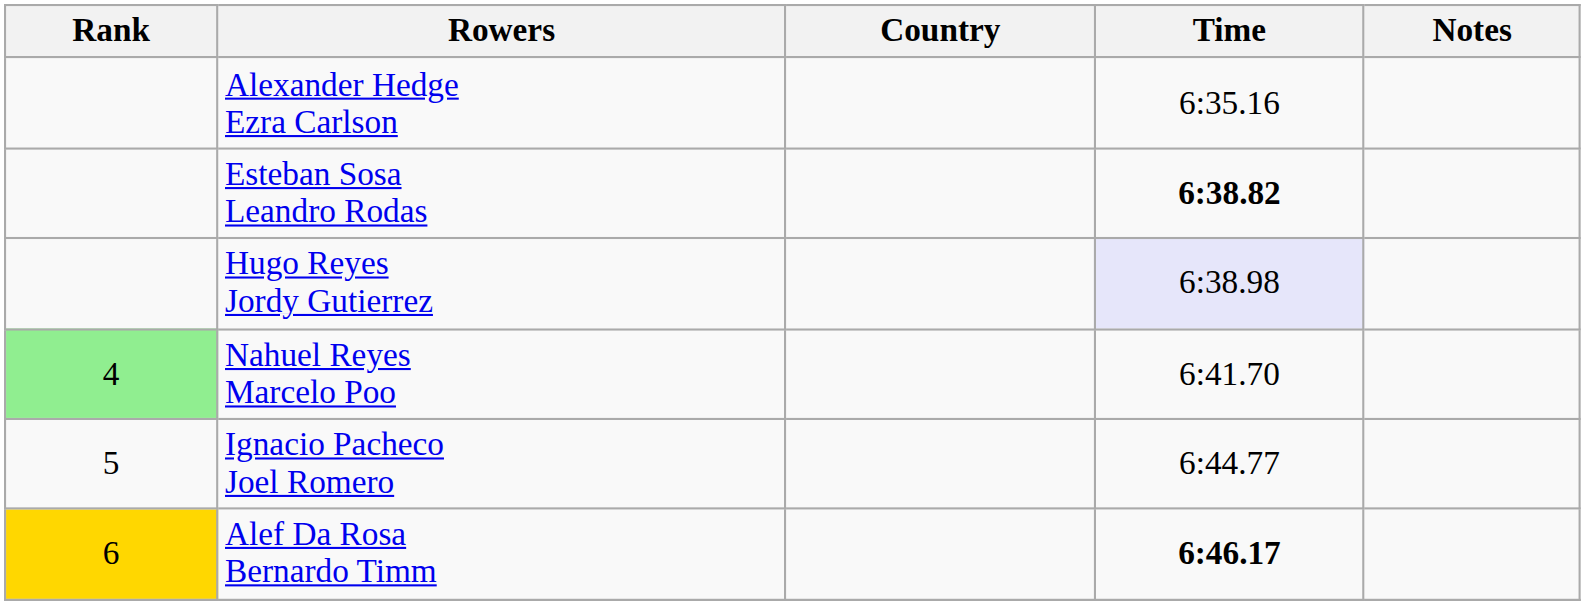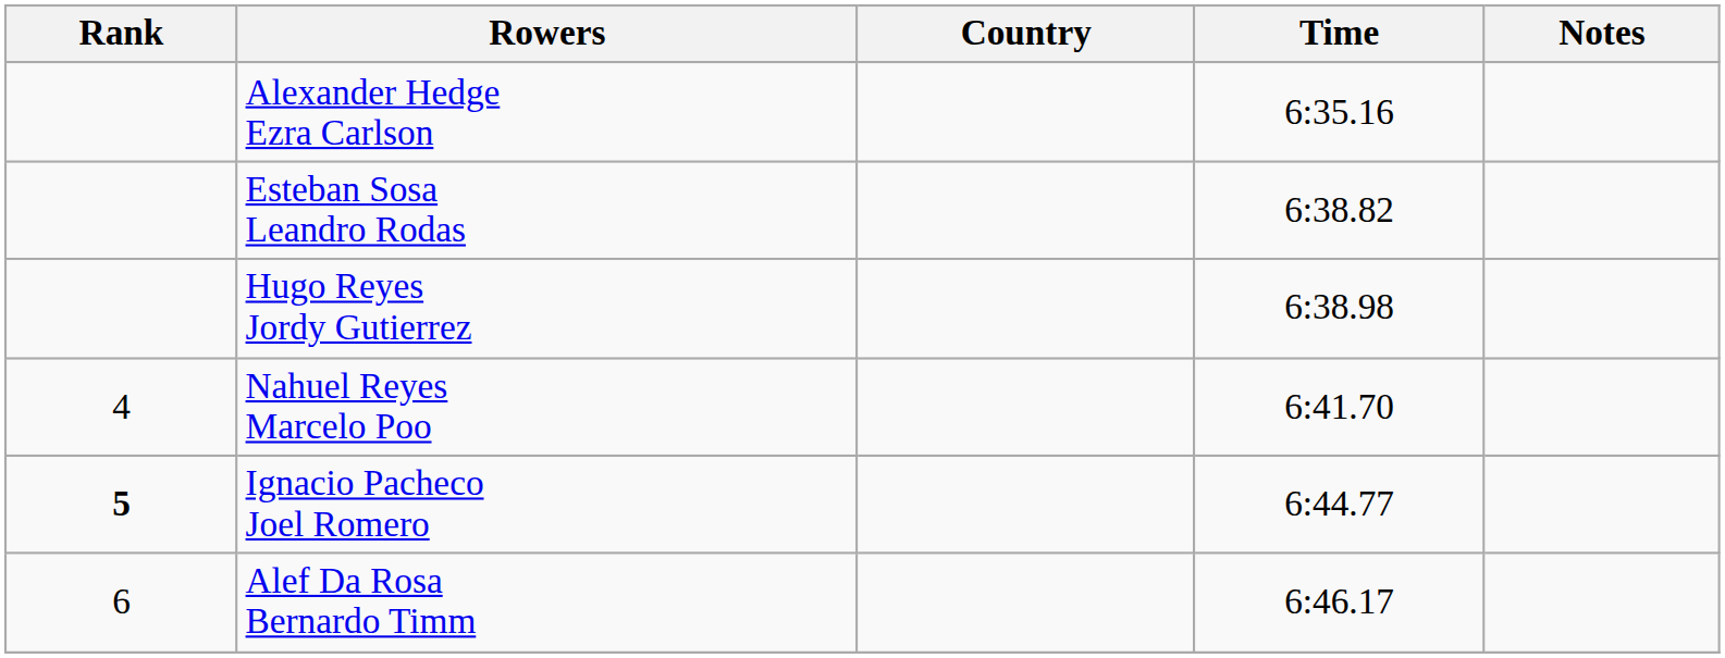 <table class="wikitable" width=60% style="text-align:center">
 <tr>
 <th>Rank</th>
 <th>Rowers</th>
 <th>Country</th>
 <th>Time</th>
 <th>Notes</th>
 </tr>
 <tr>
 <td></td>
 <td align=left><a href='#'>Alexander Hedge</a><br><a href='#'>Ezra Carlson</a></td>
 <td align=left></td>
 <td>6:35.16</td>
 <td></td>
 </tr>
 <tr>
 <td></td>
 <td align=left><a href='#'>Esteban Sosa</a><br><a href='#'>Leandro Rodas</a></td>
 <td align=left></td>
-<td><strong>6:38.82</strong></td>
+<td>6:38.82</td>
 <td></td>
 </tr>
 <tr>
 <td></td>
 <td align=left><a href='#'>Hugo Reyes</a><br><a href='#'>Jordy Gutierrez</a></td>
 <td align=left></td>
-<td style="background: lavender;">6:38.98</td>
+<td>6:38.98</td>
 <td></td>
 </tr>
 <tr>
-<td style="background: lightgreen;">4</td>
+<td>4</td>
 <td align=left><a href='#'>Nahuel Reyes</a><br><a href='#'>Marcelo Poo</a></td>
 <td align=left></td>
 <td>6:41.70</td>
 <td></td>
 </tr>
 <tr>
-<td>5</td>
+<td><strong>5</strong></td>
 <td align=left><a href='#'>Ignacio Pacheco</a><br><a href='#'>Joel Romero</a></td>
 <td align=left></td>
 <td>6:44.77</td>
 <td></td>
 </tr>
 <tr>
-<td style="background: gold;">6</td>
+<td>6</td>
 <td align=left><a href='#'>Alef Da Rosa</a><br><a href='#'>Bernardo Timm</a></td>
 <td align=left></td>
-<td><strong>6:46.17</strong></td>
+<td>6:46.17</td>
 <td></td>
 </tr>
 <tr>
 </tr>
 </table>
